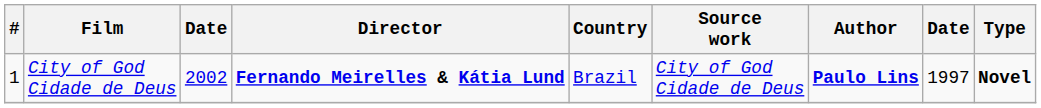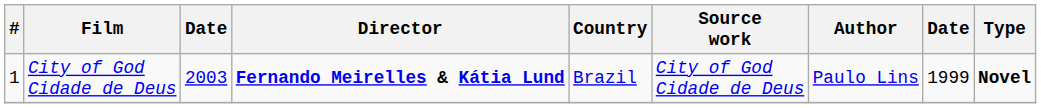 <table class="wikitable">
 <tr>
 <th>#</th>
 <th>Film</th>
 <th>Date</th>
 <th>Director</th>
 <th>Country</th>
 <th>Source<br>work</th>
 <th>Author</th>
 <th>Date</th>
 <th>Type</th>
 </tr>
 <tr>
 <td>1</td>
 <td><em><a href='#'>City of God</a></em><br><em><a href='#'>Cidade de Deus</a></em></td>
-<td><a href='#'>2002</a></td>
+<td><a href='#'>2003</a></td>
 <td><strong><a href='#'>Fernando Meirelles</a> & <a href='#'>Kátia Lund</a></strong></td>
 <td><a href='#'>Brazil</a></td>
 <td><em><a href='#'>City of God</a></em><br><em><a href='#'>Cidade de Deus</a></em></td>
-<td><strong><a href='#'>Paulo Lins</a></strong></td>
-<td>1997</td>
+<td><a href='#'>Paulo Lins</a></td>
+<td>1999</td>
 <td><strong>Novel</strong></td>
 </tr>
 <tr>
 </tr>
 </table>
